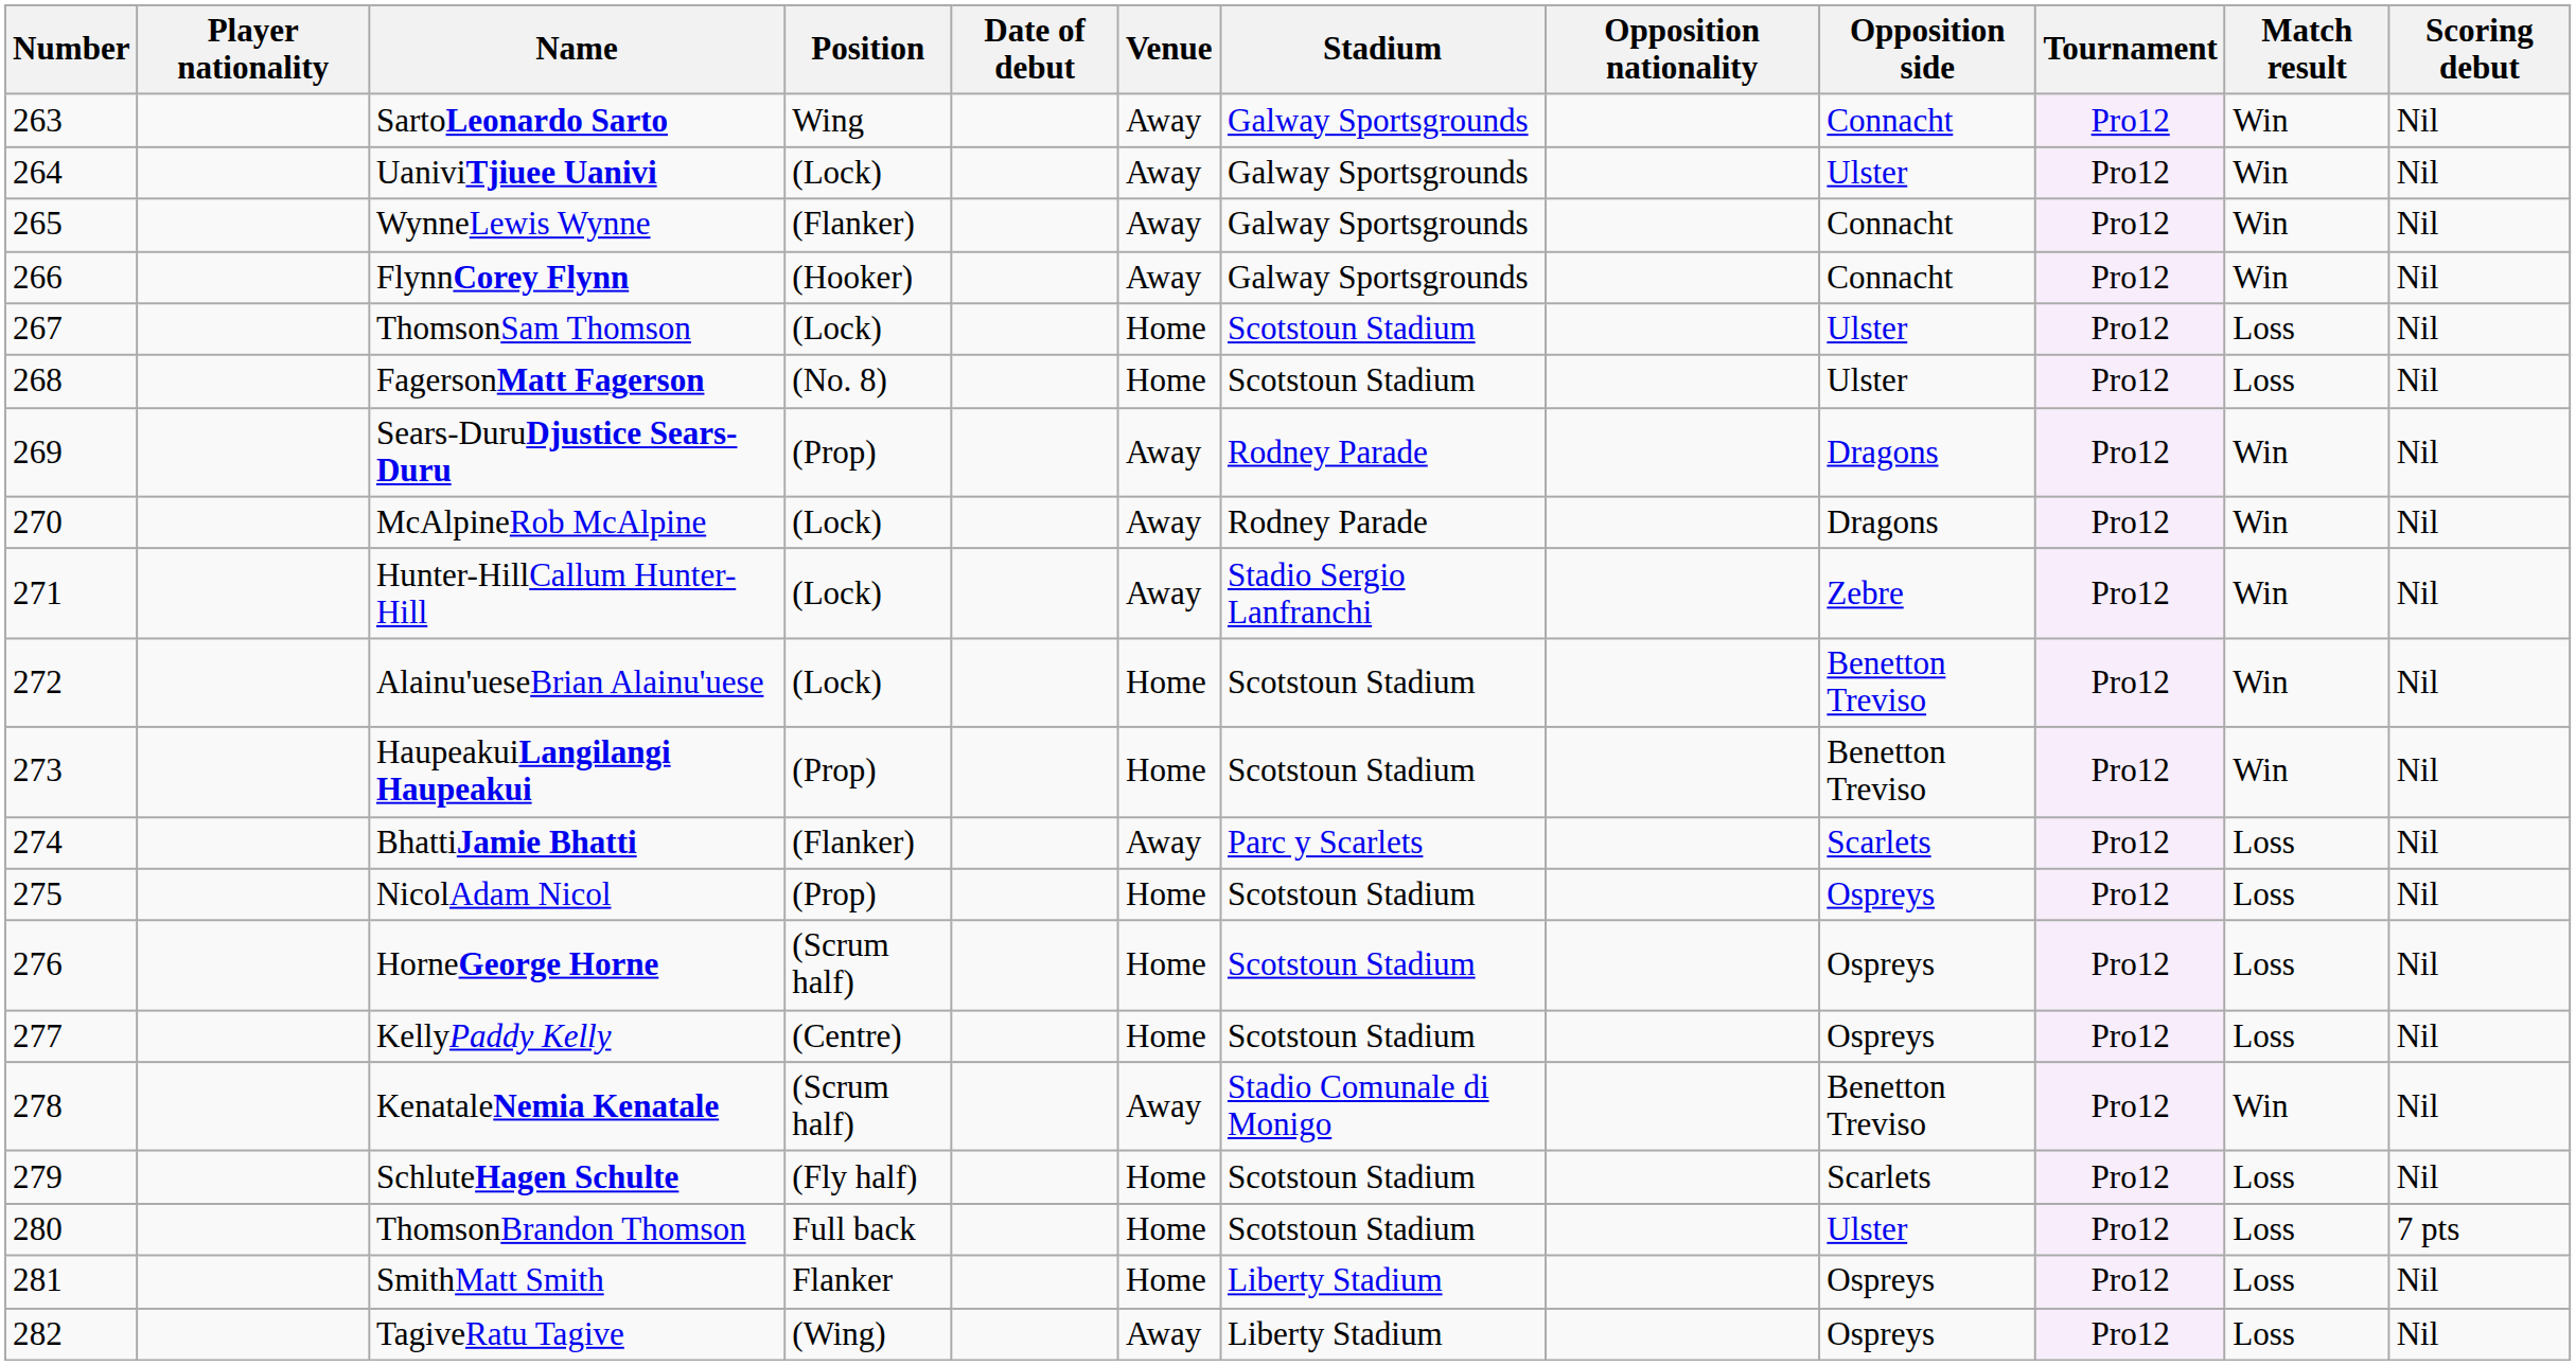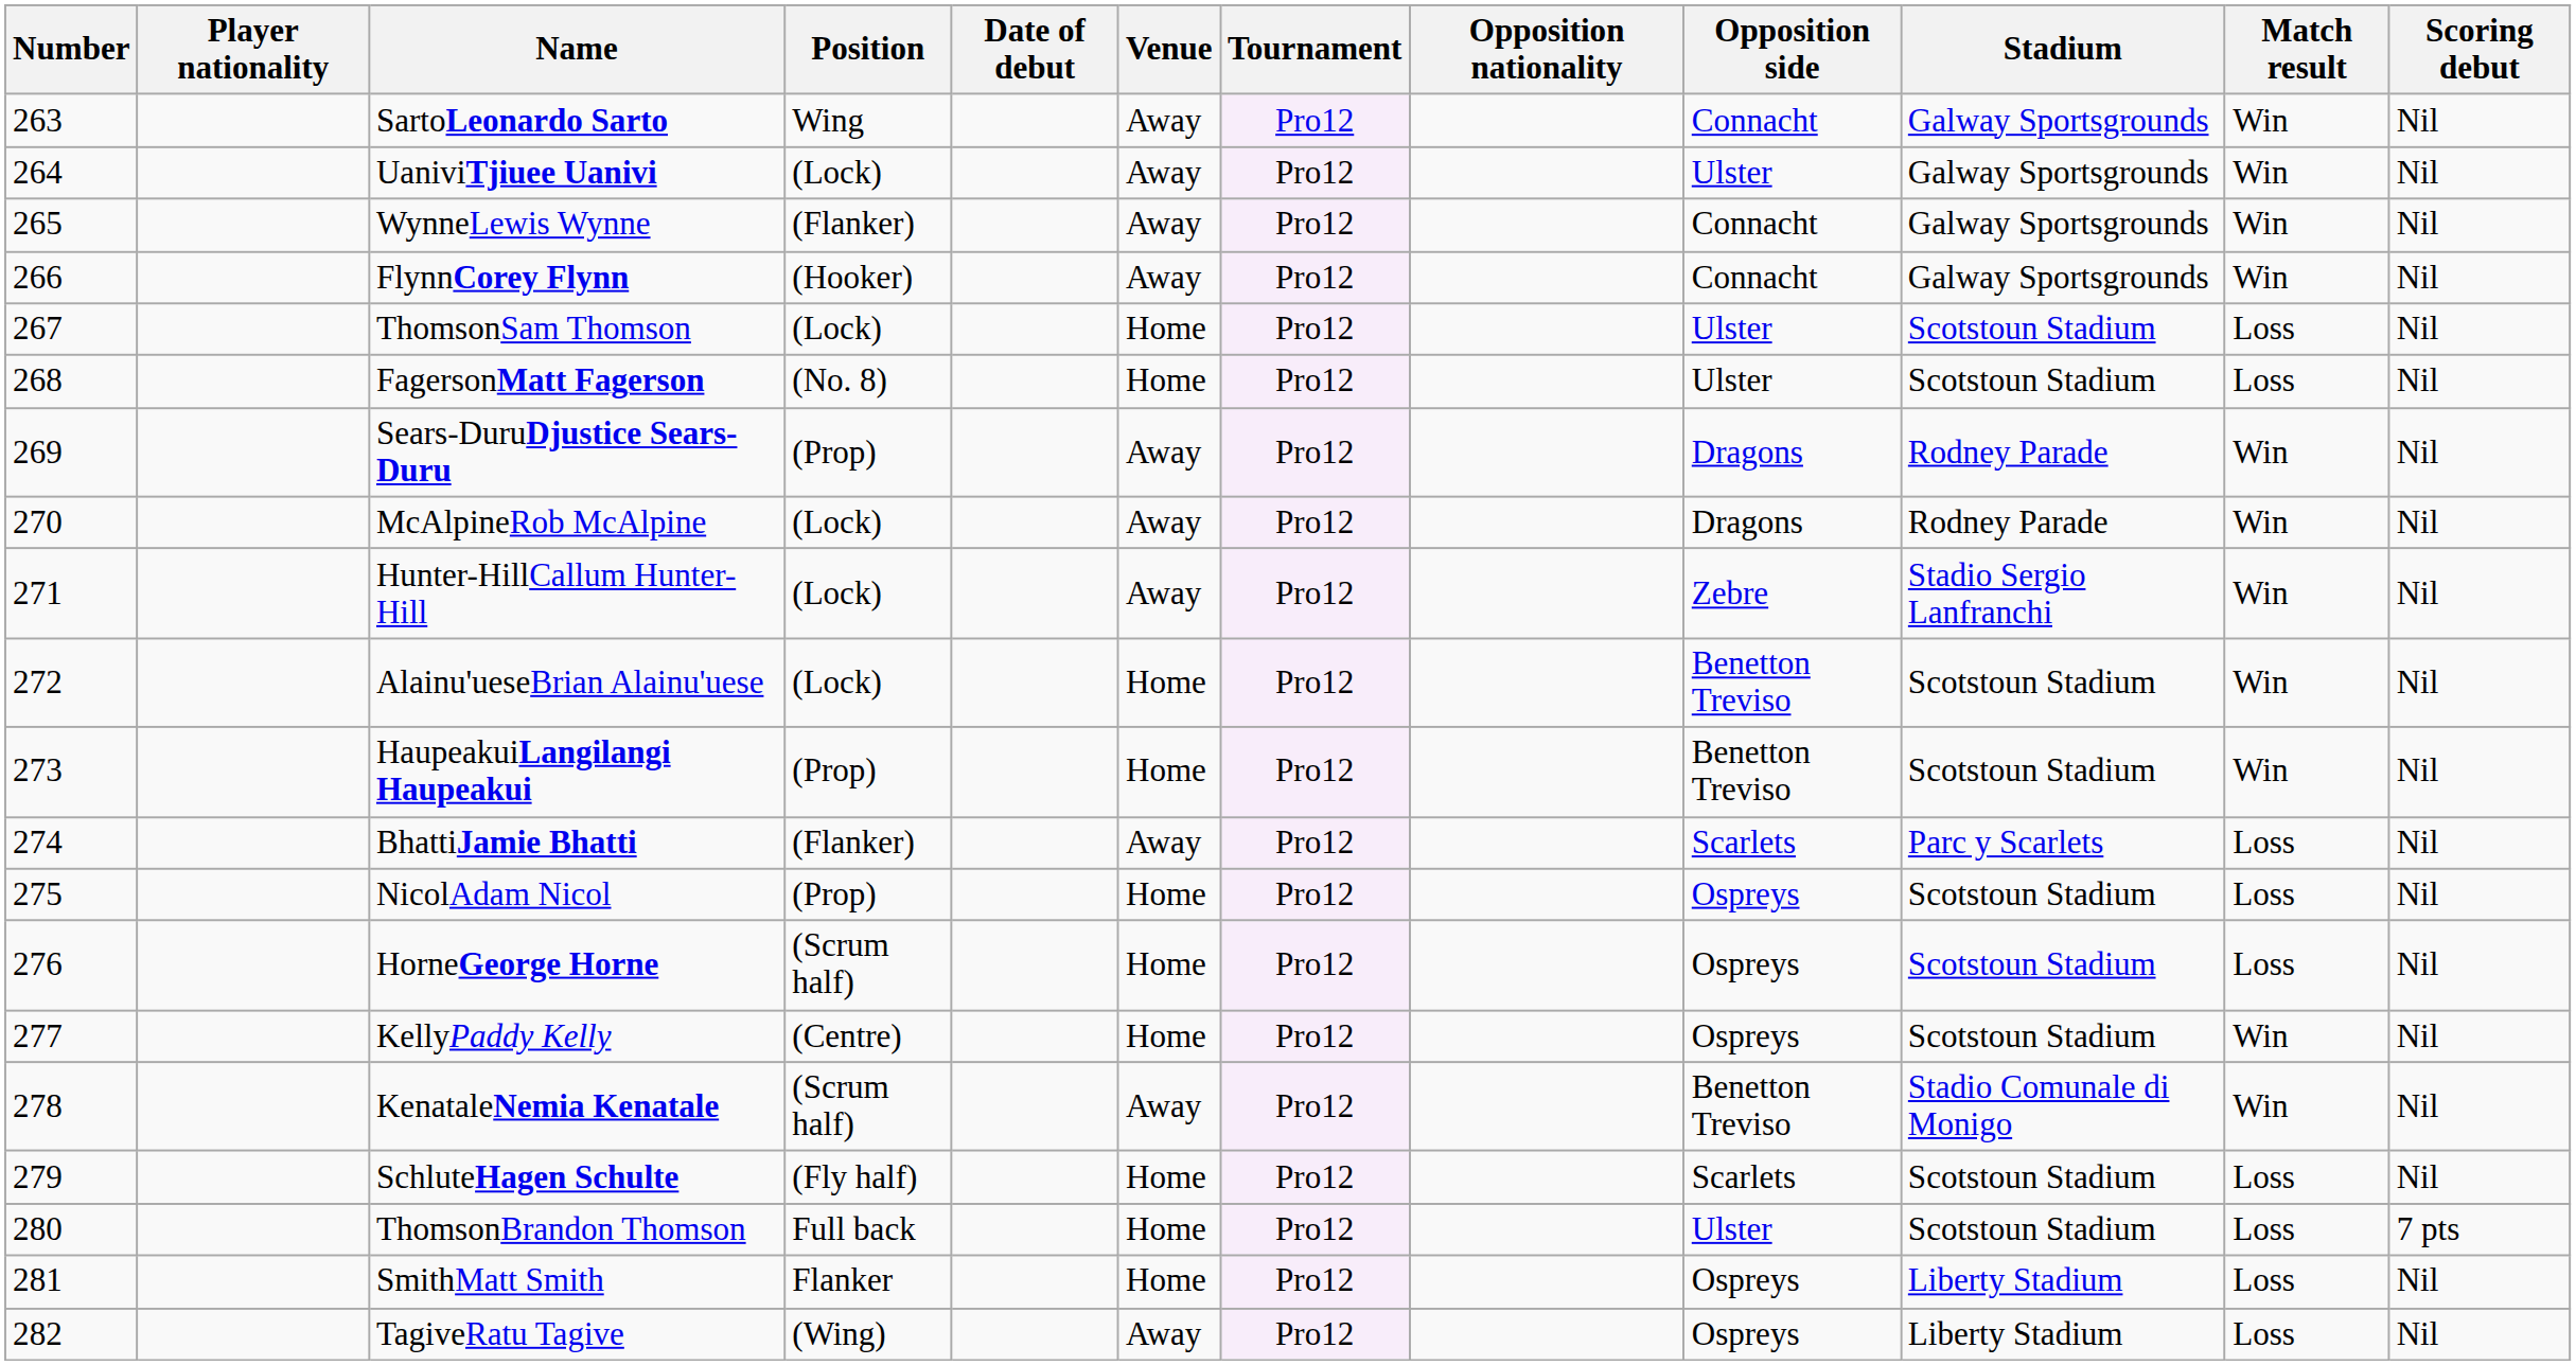 <table class="sortable wikitable">
 <tr>
 <th data-sort-type="number">Number</th>
 <th>Player nationality</th>
 <th>Name</th>
 <th>Position</th>
 <th>Date of debut</th>
 <th>Venue</th>
-<th>Stadium</th>
+<th>Tournament</th>
 <th>Opposition nationality</th>
 <th>Opposition side</th>
-<th>Tournament</th>
+<th>Stadium</th>
 <th>Match result</th>
 <th>Scoring debut</th>
 </tr>
 <tr>
 <td>263</td>
 <td style="text-align:center;"></td>
 <td><span>Sarto</span><strong><a href='#'>Leonardo Sarto</a></strong></td>
 <td>Wing</td>
 <td></td>
 <td>Away</td>
-<td><a href='#'>Galway Sportsgrounds</a></td>
+<td style="text-align:center; background:#F8EDFA;"><a href='#'>Pro12</a></td>
 <td style="text-align:center;"></td>
 <td><a href='#'>Connacht</a></td>
-<td style="text-align:center; background:#F8EDFA;"><a href='#'>Pro12</a></td>
+<td><a href='#'>Galway Sportsgrounds</a></td>
 <td>Win</td>
 <td>Nil</td>
 </tr>
 <tr>
 <td>264</td>
 <td style="text-align:center;"></td>
 <td><span>Uanivi</span><strong><a href='#'>Tjiuee Uanivi</a></strong></td>
 <td>(Lock)</td>
 <td></td>
 <td>Away</td>
-<td>Galway Sportsgrounds</td>
+<td style="text-align:center; background:#F8EDFA;">Pro12</td>
 <td style="text-align:center;"></td>
 <td><a href='#'>Ulster</a></td>
-<td style="text-align:center; background:#F8EDFA;">Pro12</td>
+<td>Galway Sportsgrounds</td>
 <td>Win</td>
 <td>Nil</td>
 </tr>
 <tr>
 <td>265</td>
 <td style="text-align:center;"></td>
 <td><span>Wynne</span><a href='#'>Lewis Wynne</a></td>
 <td>(Flanker)</td>
 <td></td>
 <td>Away</td>
-<td>Galway Sportsgrounds</td>
+<td style="text-align:center; background:#F8EDFA;">Pro12</td>
 <td style="text-align:center;"></td>
 <td>Connacht</td>
-<td style="text-align:center; background:#F8EDFA;">Pro12</td>
+<td>Galway Sportsgrounds</td>
 <td>Win</td>
 <td>Nil</td>
 </tr>
 <tr>
 <td>266</td>
 <td style="text-align:center;"></td>
 <td><span>Flynn</span><strong><a href='#'>Corey Flynn</a></strong></td>
 <td>(Hooker)</td>
 <td></td>
 <td>Away</td>
-<td>Galway Sportsgrounds</td>
+<td style="text-align:center; background:#F8EDFA;">Pro12</td>
 <td style="text-align:center;"></td>
 <td>Connacht</td>
-<td style="text-align:center; background:#F8EDFA;">Pro12</td>
+<td>Galway Sportsgrounds</td>
 <td>Win</td>
 <td>Nil</td>
 </tr>
 <tr>
 <td>267</td>
 <td style="text-align:center;"></td>
 <td><span>Thomson</span><a href='#'>Sam Thomson</a></td>
 <td>(Lock)</td>
 <td></td>
 <td>Home</td>
-<td><a href='#'>Scotstoun Stadium</a></td>
+<td style="text-align:center; background:#F8EDFA;">Pro12</td>
 <td style="text-align:center;"></td>
 <td><a href='#'>Ulster</a></td>
-<td style="text-align:center; background:#F8EDFA;">Pro12</td>
+<td><a href='#'>Scotstoun Stadium</a></td>
 <td>Loss</td>
 <td>Nil</td>
 </tr>
 <tr>
 <td>268</td>
 <td style="text-align:center;"></td>
 <td><span>Fagerson</span><strong><a href='#'>Matt Fagerson</a></strong></td>
 <td>(No. 8)</td>
 <td></td>
 <td>Home</td>
-<td>Scotstoun Stadium</td>
+<td style="text-align:center; background:#F8EDFA;">Pro12</td>
 <td style="text-align:center;"></td>
 <td>Ulster</td>
-<td style="text-align:center; background:#F8EDFA;">Pro12</td>
+<td>Scotstoun Stadium</td>
 <td>Loss</td>
 <td>Nil</td>
 </tr>
 <tr>
 <td>269</td>
 <td style="text-align:center;"></td>
 <td><span>Sears-Duru</span><strong><a href='#'>Djustice Sears-Duru</a></strong></td>
 <td>(Prop)</td>
 <td></td>
 <td>Away</td>
-<td><a href='#'>Rodney Parade</a></td>
+<td style="text-align:center; background:#F8EDFA;">Pro12</td>
 <td style="text-align:center;"></td>
 <td><a href='#'>Dragons</a></td>
-<td style="text-align:center; background:#F8EDFA;">Pro12</td>
+<td><a href='#'>Rodney Parade</a></td>
 <td>Win</td>
 <td>Nil</td>
 </tr>
 <tr>
 <td>270</td>
 <td style="text-align:center;"></td>
 <td><span>McAlpine</span><a href='#'>Rob McAlpine</a></td>
 <td>(Lock)</td>
 <td></td>
 <td>Away</td>
-<td>Rodney Parade</td>
+<td style="text-align:center; background:#F8EDFA;">Pro12</td>
 <td style="text-align:center;"></td>
 <td>Dragons</td>
-<td style="text-align:center; background:#F8EDFA;">Pro12</td>
+<td>Rodney Parade</td>
 <td>Win</td>
 <td>Nil</td>
 </tr>
 <tr>
 <td>271</td>
 <td style="text-align:center;"></td>
 <td><span>Hunter-Hill</span><a href='#'>Callum Hunter-Hill</a></td>
 <td>(Lock)</td>
 <td></td>
 <td>Away</td>
-<td><a href='#'>Stadio Sergio Lanfranchi</a></td>
+<td style="text-align:center; background:#F8EDFA;">Pro12</td>
 <td style="text-align:center;"></td>
 <td><a href='#'>Zebre</a></td>
-<td style="text-align:center; background:#F8EDFA;">Pro12</td>
+<td><a href='#'>Stadio Sergio Lanfranchi</a></td>
 <td>Win</td>
 <td>Nil</td>
 </tr>
 <tr>
 <td>272</td>
 <td style="text-align:center;"></td>
 <td><span>Alainu'uese</span><a href='#'>Brian Alainu'uese</a></td>
 <td>(Lock)</td>
 <td></td>
 <td>Home</td>
-<td>Scotstoun Stadium</td>
+<td style="text-align:center; background:#F8EDFA;">Pro12</td>
 <td style="text-align:center;"></td>
 <td><a href='#'>Benetton Treviso</a></td>
-<td style="text-align:center; background:#F8EDFA;">Pro12</td>
+<td>Scotstoun Stadium</td>
 <td>Win</td>
 <td>Nil</td>
 </tr>
 <tr>
 <td>273</td>
 <td style="text-align:center;"></td>
 <td><span>Haupeakui</span><strong><a href='#'>Langilangi Haupeakui</a></strong></td>
 <td>(Prop)</td>
 <td></td>
 <td>Home</td>
-<td>Scotstoun Stadium</td>
+<td style="text-align:center; background:#F8EDFA;">Pro12</td>
 <td style="text-align:center;"></td>
 <td>Benetton Treviso</td>
-<td style="text-align:center; background:#F8EDFA;">Pro12</td>
+<td>Scotstoun Stadium</td>
 <td>Win</td>
 <td>Nil</td>
 </tr>
 <tr>
 <td>274</td>
 <td style="text-align:center;"></td>
 <td><span>Bhatti</span><strong><a href='#'>Jamie Bhatti</a></strong></td>
 <td>(Flanker)</td>
 <td></td>
 <td>Away</td>
-<td><a href='#'>Parc y Scarlets</a></td>
+<td style="text-align:center; background:#F8EDFA;">Pro12</td>
 <td style="text-align:center;"></td>
 <td><a href='#'>Scarlets</a></td>
-<td style="text-align:center; background:#F8EDFA;">Pro12</td>
+<td><a href='#'>Parc y Scarlets</a></td>
 <td>Loss</td>
 <td>Nil</td>
 </tr>
 <tr>
 <td>275</td>
 <td style="text-align:center;"></td>
 <td><span>Nicol</span><a href='#'>Adam Nicol</a></td>
 <td>(Prop)</td>
 <td></td>
 <td>Home</td>
-<td>Scotstoun Stadium</td>
+<td style="text-align:center; background:#F8EDFA;">Pro12</td>
 <td style="text-align:center;"></td>
 <td><a href='#'>Ospreys</a></td>
-<td style="text-align:center; background:#F8EDFA;">Pro12</td>
+<td>Scotstoun Stadium</td>
 <td>Loss</td>
 <td>Nil</td>
 </tr>
 <tr>
 <td>276</td>
 <td style="text-align:center;"></td>
 <td><span>Horne</span><strong><a href='#'>George Horne</a></strong></td>
 <td>(Scrum half)</td>
 <td></td>
 <td>Home</td>
-<td><a href='#'>Scotstoun Stadium</a></td>
+<td style="text-align:center; background:#F8EDFA;">Pro12</td>
 <td style="text-align:center;"></td>
 <td>Ospreys</td>
-<td style="text-align:center; background:#F8EDFA;">Pro12</td>
+<td><a href='#'>Scotstoun Stadium</a></td>
 <td>Loss</td>
 <td>Nil</td>
 </tr>
 <tr>
 <td>277</td>
 <td style="text-align:center;"></td>
 <td><span>Kelly</span><em><a href='#'>Paddy Kelly</a></em></td>
 <td>(Centre)</td>
 <td></td>
 <td>Home</td>
-<td>Scotstoun Stadium</td>
+<td style="text-align:center; background:#F8EDFA;">Pro12</td>
 <td style="text-align:center;"></td>
 <td>Ospreys</td>
-<td style="text-align:center; background:#F8EDFA;">Pro12</td>
-<td>Loss</td>
+<td>Scotstoun Stadium</td>
+<td>Win</td>
 <td>Nil</td>
 </tr>
 <tr>
 <td>278</td>
 <td style="text-align:center;"></td>
 <td><span>Kenatale</span><strong><a href='#'>Nemia Kenatale</a></strong></td>
 <td>(Scrum half)</td>
 <td></td>
 <td>Away</td>
-<td><a href='#'>Stadio Comunale di Monigo</a></td>
+<td style="text-align:center; background:#F8EDFA;">Pro12</td>
 <td style="text-align:center;"></td>
 <td>Benetton Treviso</td>
-<td style="text-align:center; background:#F8EDFA;">Pro12</td>
+<td><a href='#'>Stadio Comunale di Monigo</a></td>
 <td>Win</td>
 <td>Nil</td>
 </tr>
 <tr>
 <td>279</td>
 <td style="text-align:center;"></td>
 <td><span>Schlute</span><strong><a href='#'>Hagen Schulte</a></strong></td>
 <td>(Fly half)</td>
 <td></td>
 <td>Home</td>
-<td>Scotstoun Stadium</td>
+<td style="text-align:center; background:#F8EDFA;">Pro12</td>
 <td style="text-align:center;"></td>
 <td>Scarlets</td>
-<td style="text-align:center; background:#F8EDFA;">Pro12</td>
+<td>Scotstoun Stadium</td>
 <td>Loss</td>
 <td>Nil</td>
 </tr>
 <tr>
 <td>280</td>
 <td style="text-align:center;"></td>
 <td><span>Thomson</span><a href='#'>Brandon Thomson</a></td>
 <td>Full back</td>
 <td></td>
 <td>Home</td>
-<td>Scotstoun Stadium</td>
+<td style="text-align:center; background:#F8EDFA;">Pro12</td>
 <td style="text-align:center;"></td>
 <td><a href='#'>Ulster</a></td>
-<td style="text-align:center; background:#F8EDFA;">Pro12</td>
+<td>Scotstoun Stadium</td>
 <td>Loss</td>
 <td>7 pts</td>
 </tr>
 <tr>
 <td>281</td>
 <td style="text-align:center;"></td>
 <td><span>Smith</span><a href='#'>Matt Smith</a></td>
 <td>Flanker</td>
 <td></td>
 <td>Home</td>
-<td><a href='#'>Liberty Stadium</a></td>
+<td style="text-align:center; background:#F8EDFA;">Pro12</td>
 <td style="text-align:center;"></td>
 <td>Ospreys</td>
-<td style="text-align:center; background:#F8EDFA;">Pro12</td>
+<td><a href='#'>Liberty Stadium</a></td>
 <td>Loss</td>
 <td>Nil</td>
 </tr>
 <tr>
 <td>282</td>
 <td style="text-align:center;"></td>
 <td><span>Tagive</span><a href='#'>Ratu Tagive</a></td>
 <td>(Wing)</td>
 <td></td>
 <td>Away</td>
-<td>Liberty Stadium</td>
+<td style="text-align:center; background:#F8EDFA;">Pro12</td>
 <td style="text-align:center;"></td>
 <td>Ospreys</td>
-<td style="text-align:center; background:#F8EDFA;">Pro12</td>
+<td>Liberty Stadium</td>
 <td>Loss</td>
 <td>Nil</td>
 </tr>
 </table>
